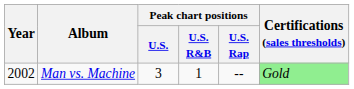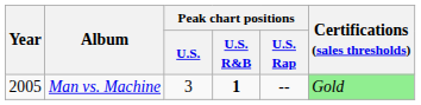 <table class="wikitable">
 <tr>
 <th rowspan="2">Year</th>
 <th rowspan="2">Album</th>
 <th colspan="3"><small>Peak chart positions</small></th>
 <th rowspan="2">Certifications<br><small>(<a href='#'>sales thresholds</a>)</small></th>
 </tr>
 <tr>
 <th width="40"><small><a href='#'>U.S.</a></small></th>
 <th width="40"><small><a href='#'>U.S. <br>R&B</a></small></th>
 <th width="40"><small><a href='#'>U.S. <br>Rap</a></small></th>
 </tr>
 <tr>
-<td>2002</td>
+<td>2005</td>
 <td><em><a href='#'>Man vs. Machine</a></em> </td>
 <td align="center">3</td>
-<td align="center">1</td>
+<td align="center"><strong>1</strong></td>
 <td align="center">--</td>
 <td rowspan="1" style="background: lightgreen;"><em>Gold</em></td>
 </tr>
 </table>
